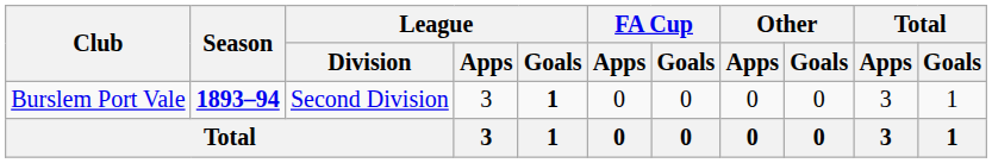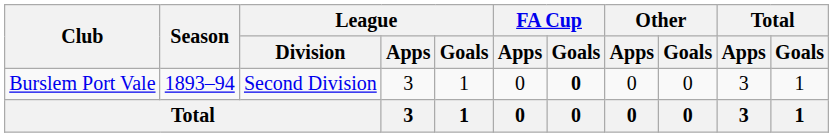 <table class="wikitable" style="text-align:center">
 <tr>
 <th rowspan="2">Club</th>
 <th rowspan="2">Season</th>
 <th colspan="3">League</th>
 <th colspan="2"><a href='#'>FA Cup</a></th>
 <th colspan="2">Other</th>
 <th colspan="2">Total</th>
 </tr>
 <tr>
 <th>Division</th>
 <th>Apps</th>
 <th>Goals</th>
 <th>Apps</th>
 <th>Goals</th>
 <th>Apps</th>
 <th>Goals</th>
 <th>Apps</th>
 <th>Goals</th>
 </tr>
 <tr>
 <td><a href='#'>Burslem Port Vale</a></td>
-<td><strong><a href='#'>1893–94</a></strong></td>
+<td><a href='#'>1893–94</a></td>
 <td><a href='#'>Second Division</a></td>
 <td>3</td>
-<td><strong>1</strong></td>
+<td>1</td>
 <td>0</td>
-<td>0</td>
+<td><strong>0</strong></td>
 <td>0</td>
 <td>0</td>
 <td>3</td>
 <td>1</td>
 </tr>
 <tr>
 <th colspan="3">Total</th>
 <th>3</th>
 <th>1</th>
 <th>0</th>
 <th>0</th>
 <th>0</th>
 <th>0</th>
 <th>3</th>
 <th>1</th>
 </tr>
 </table>
